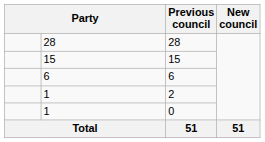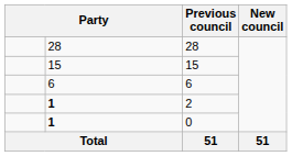 <table class="wikitable">
 <tr>
 <th valign=centre colspan="2" style="width: 230px">Party</th>
 <th valign=top style="width: 30px">Previous council</th>
 <th valign=top style="width: 30px">New council</th>
 </tr>
 <tr>
 <td></td>
 <td>28</td>
 <td>28</td>
 </tr>
 <tr>
 <td></td>
 <td>15</td>
 <td>15</td>
 </tr>
 <tr>
 <td></td>
 <td>6</td>
 <td>6</td>
 </tr>
 <tr>
 <td></td>
-<td>1</td>
+<td><strong>1</strong></td>
 <td>2</td>
 </tr>
 <tr>
 <td></td>
-<td>1</td>
+<td><strong>1</strong></td>
 <td>0</td>
 </tr>
 <tr>
 <th colspan=2>Total</th>
 <th style="text-align: center">51</th>
 <th colspan=3>51</th>
 </tr>
 </table>
